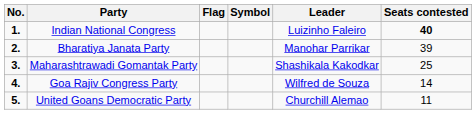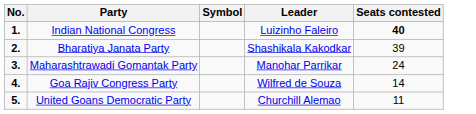 <table class="wikitable">
 <tr>
 <th>No.</th>
 <th>Party</th>
-<th>Flag</th>
 <th>Symbol</th>
 <th>Leader</th>
 <th>Seats contested</th>
 </tr>
 <tr>
 <td ! style="text-align:center; background:"><strong>1.</strong></td>
 <td style="text-align:center"><a href='#'>Indian National Congress</a></td>
 <td></td>
-<td></td>
 <td style="text-align:center"><a href='#'>Luizinho Faleiro</a></td>
 <td style="text-align:center"><strong>40</strong></td>
 </tr>
 <tr>
 <td ! style="text-align:center; background:"><strong>2.</strong></td>
 <td style="text-align:center"><a href='#'>Bharatiya Janata Party</a></td>
 <td></td>
-<td></td>
-<td style="text-align:center"><a href='#'>Manohar Parrikar</a></td>
+<td style="text-align:center"><a href='#'>Shashikala Kakodkar</a></td>
 <td style="text-align:center">39</td>
 </tr>
 <tr>
 <td ! style="text-align:center; background:"><strong>3.</strong></td>
 <td style="text-align:center"><a href='#'>Maharashtrawadi Gomantak Party</a></td>
 <td></td>
-<td></td>
-<td style="text-align:center"><a href='#'>Shashikala Kakodkar</a></td>
-<td style="text-align:center">25</td>
+<td style="text-align:center"><a href='#'>Manohar Parrikar</a></td>
+<td style="text-align:center">24</td>
 </tr>
 <tr>
 <td ! style="text-align:center; background:"><strong>4.</strong></td>
 <td style="text-align:center"><a href='#'>Goa Rajiv Congress Party</a></td>
-<td></td>
 <td></td>
 <td style="text-align:center"><a href='#'>Wilfred de Souza</a></td>
 <td style="text-align:center">14</td>
 </tr>
 <tr>
 <td ! style="text-align:center; background:"><strong>5.</strong></td>
 <td style="text-align:center"><a href='#'>United Goans Democratic Party</a></td>
 <td></td>
-<td></td>
 <td style="text-align:center"><a href='#'>Churchill Alemao</a></td>
 <td style="text-align:center">11</td>
 </tr>
 </table>
